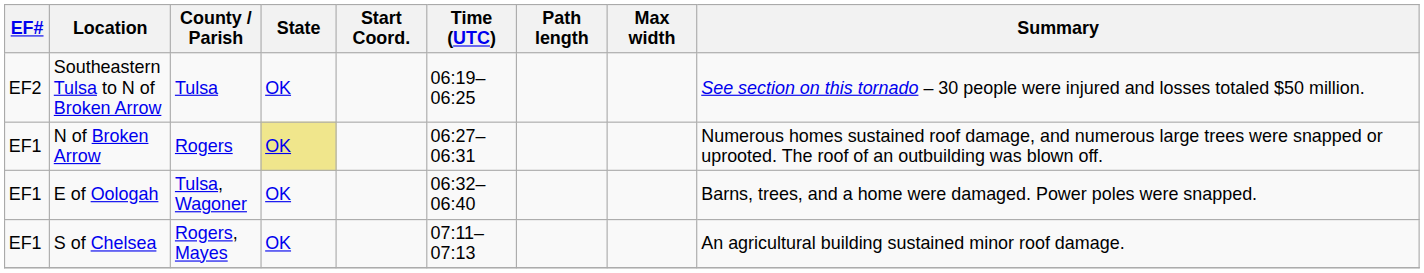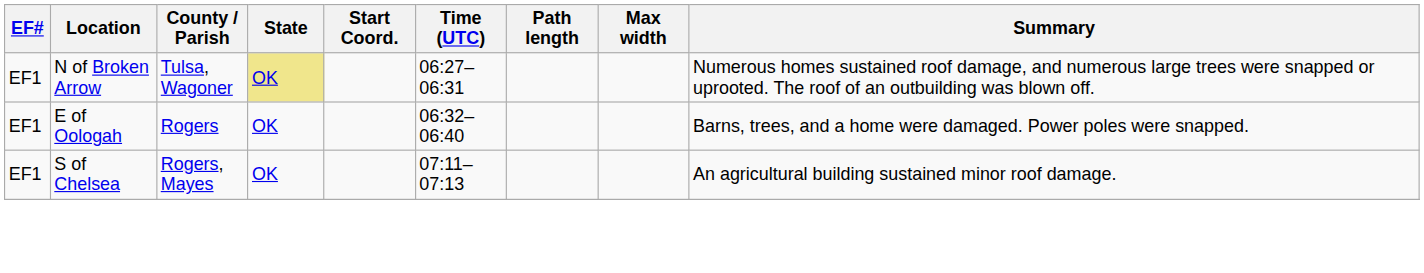 <table class="wikitable sortable" style="width:100%;">
 <tr>
 <th scope="col"  style="width:3%; text-align:center;"><a href='#'>EF#</a></th>
 <th scope="col"  style="width:7%; text-align:center;" class="unsortable">Location</th>
 <th scope="col"  style="width:6%; text-align:center;" class="unsortable">County / Parish</th>
 <th scope="col"  style="width:5%; text-align:center;">State</th>
 <th scope="col"  style="width:6%; text-align:center;">Start Coord.</th>
 <th scope="col"  style="width:6%; text-align:center;">Time (<a href='#'>UTC</a>)</th>
 <th scope="col"  style="width:6%; text-align:center;">Path length</th>
 <th scope="col"  style="width:6%; text-align:center;">Max width</th>
 <th scope="col" class="unsortable" style="width:48%; text-align:center;">Summary</th>
 </tr>
 <tr>
-<td>EF2</td>
-<td>Southeastern <a href='#'>Tulsa</a> to N of <a href='#'>Broken Arrow</a></td>
-<td><a href='#'>Tulsa</a></td>
-<td><a href='#'>OK</a></td>
-<td></td>
-<td>06:19–06:25</td>
-<td></td>
-<td></td>
-<td><em><a href='#'>See section on this tornado</a></em> – 30 people were injured and losses totaled $50 million.</td>
-</tr>
-<tr>
 <td>EF1</td>
 <td>N of <a href='#'>Broken Arrow</a></td>
-<td><a href='#'>Rogers</a></td>
+<td><a href='#'>Tulsa</a>, <a href='#'>Wagoner</a></td>
 <td style="background: khaki;"><a href='#'>OK</a></td>
 <td></td>
 <td>06:27–06:31</td>
 <td></td>
 <td></td>
 <td>Numerous homes sustained roof damage, and numerous large trees were snapped or uprooted. The roof of an outbuilding was blown off.</td>
 </tr>
 <tr>
 <td>EF1</td>
 <td>E of <a href='#'>Oologah</a></td>
-<td><a href='#'>Tulsa</a>, <a href='#'>Wagoner</a></td>
+<td><a href='#'>Rogers</a></td>
 <td><a href='#'>OK</a></td>
 <td></td>
 <td>06:32–06:40</td>
 <td></td>
 <td></td>
 <td>Barns, trees, and a home were damaged. Power poles were snapped.</td>
 </tr>
 <tr>
 <td>EF1</td>
 <td>S of <a href='#'>Chelsea</a></td>
 <td><a href='#'>Rogers</a>, <a href='#'>Mayes</a></td>
 <td><a href='#'>OK</a></td>
 <td></td>
 <td>07:11–07:13</td>
 <td></td>
 <td></td>
 <td>An agricultural building sustained minor roof damage.</td>
 </tr>
 <tr>
 </tr>
 </table>
